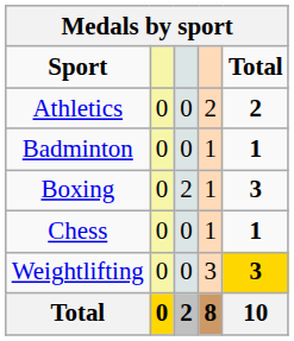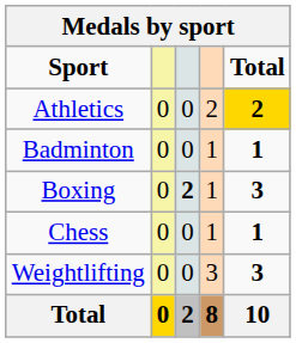 <table class="wikitable" style="font-size:85%; text-align:center;">
 <tr style="background:#efefef;">
 <th colspan=5><strong>Medals by sport</strong></th>
 </tr>
 <tr>
 <td><strong>Sport</strong></td>
 <td style="background:#f7f6a8;"></td>
 <td style="background:#dce5e5;"></td>
 <td style="background:#ffdab9;"></td>
 <td><strong>Total</strong></td>
 </tr>
 <tr>
 <td><a href='#'>Athletics</a></td>
 <td style="background:#F7F6A8;">0</td>
 <td style="background:#DCE5E5;">0</td>
 <td style="background:#FFDAB9;">2</td>
-<td><strong>2</strong></td>
+<td style="background: gold;"><strong>2</strong></td>
 </tr>
 <tr>
 <td><a href='#'>Badminton</a></td>
 <td style="background:#F7F6A8;">0</td>
 <td style="background:#DCE5E5;">0</td>
 <td style="background:#FFDAB9;">1</td>
 <td><strong>1</strong></td>
 </tr>
 <tr>
 <td><a href='#'>Boxing</a></td>
 <td style="background:#F7F6A8;">0</td>
-<td style="background:#DCE5E5;">2</td>
+<td style="background:#DCE5E5;"><strong>2</strong></td>
 <td style="background:#FFDAB9;">1</td>
 <td><strong>3</strong></td>
 </tr>
 <tr>
 <td><a href='#'>Chess</a></td>
 <td style="background:#F7F6A8;">0</td>
 <td style="background:#DCE5E5;">0</td>
 <td style="background:#FFDAB9;">1</td>
 <td><strong>1</strong></td>
 </tr>
 <tr>
 <td><a href='#'>Weightlifting</a></td>
 <td style="background:#F7F6A8;">0</td>
 <td style="background:#DCE5E5;">0</td>
 <td style="background:#FFDAB9;">3</td>
-<td style="background: gold;"><strong>3</strong></td>
+<td><strong>3</strong></td>
 </tr>
 <tr>
 <th>Total</th>
 <th style="background:gold;"  >0</th>
 <th style="background:silver;">2</th>
 <th style="background:#c96;"  >8</th>
 <th>10</th>
 </tr>
 </table>
